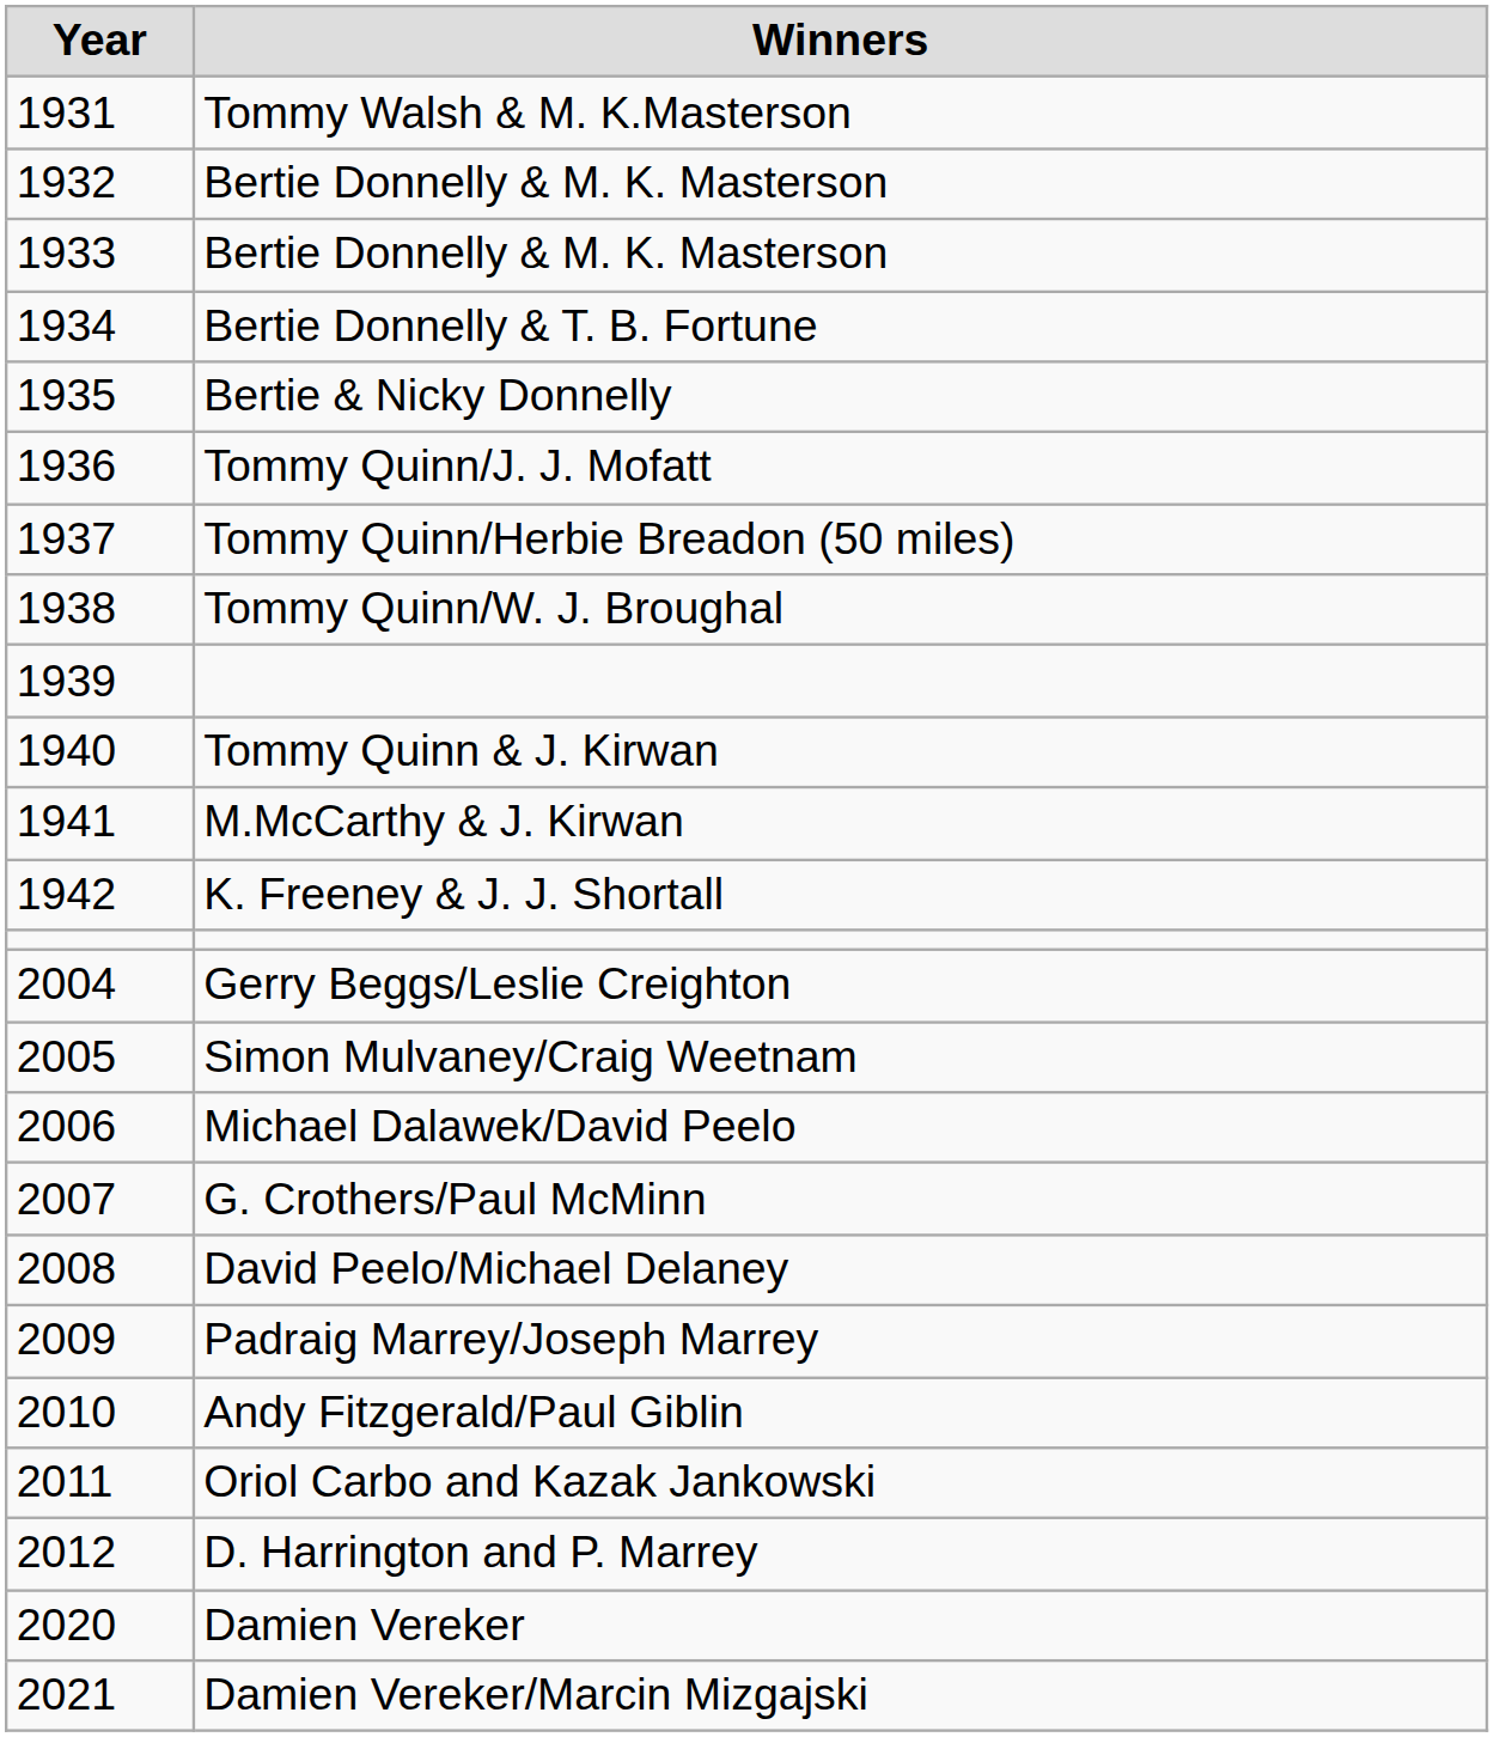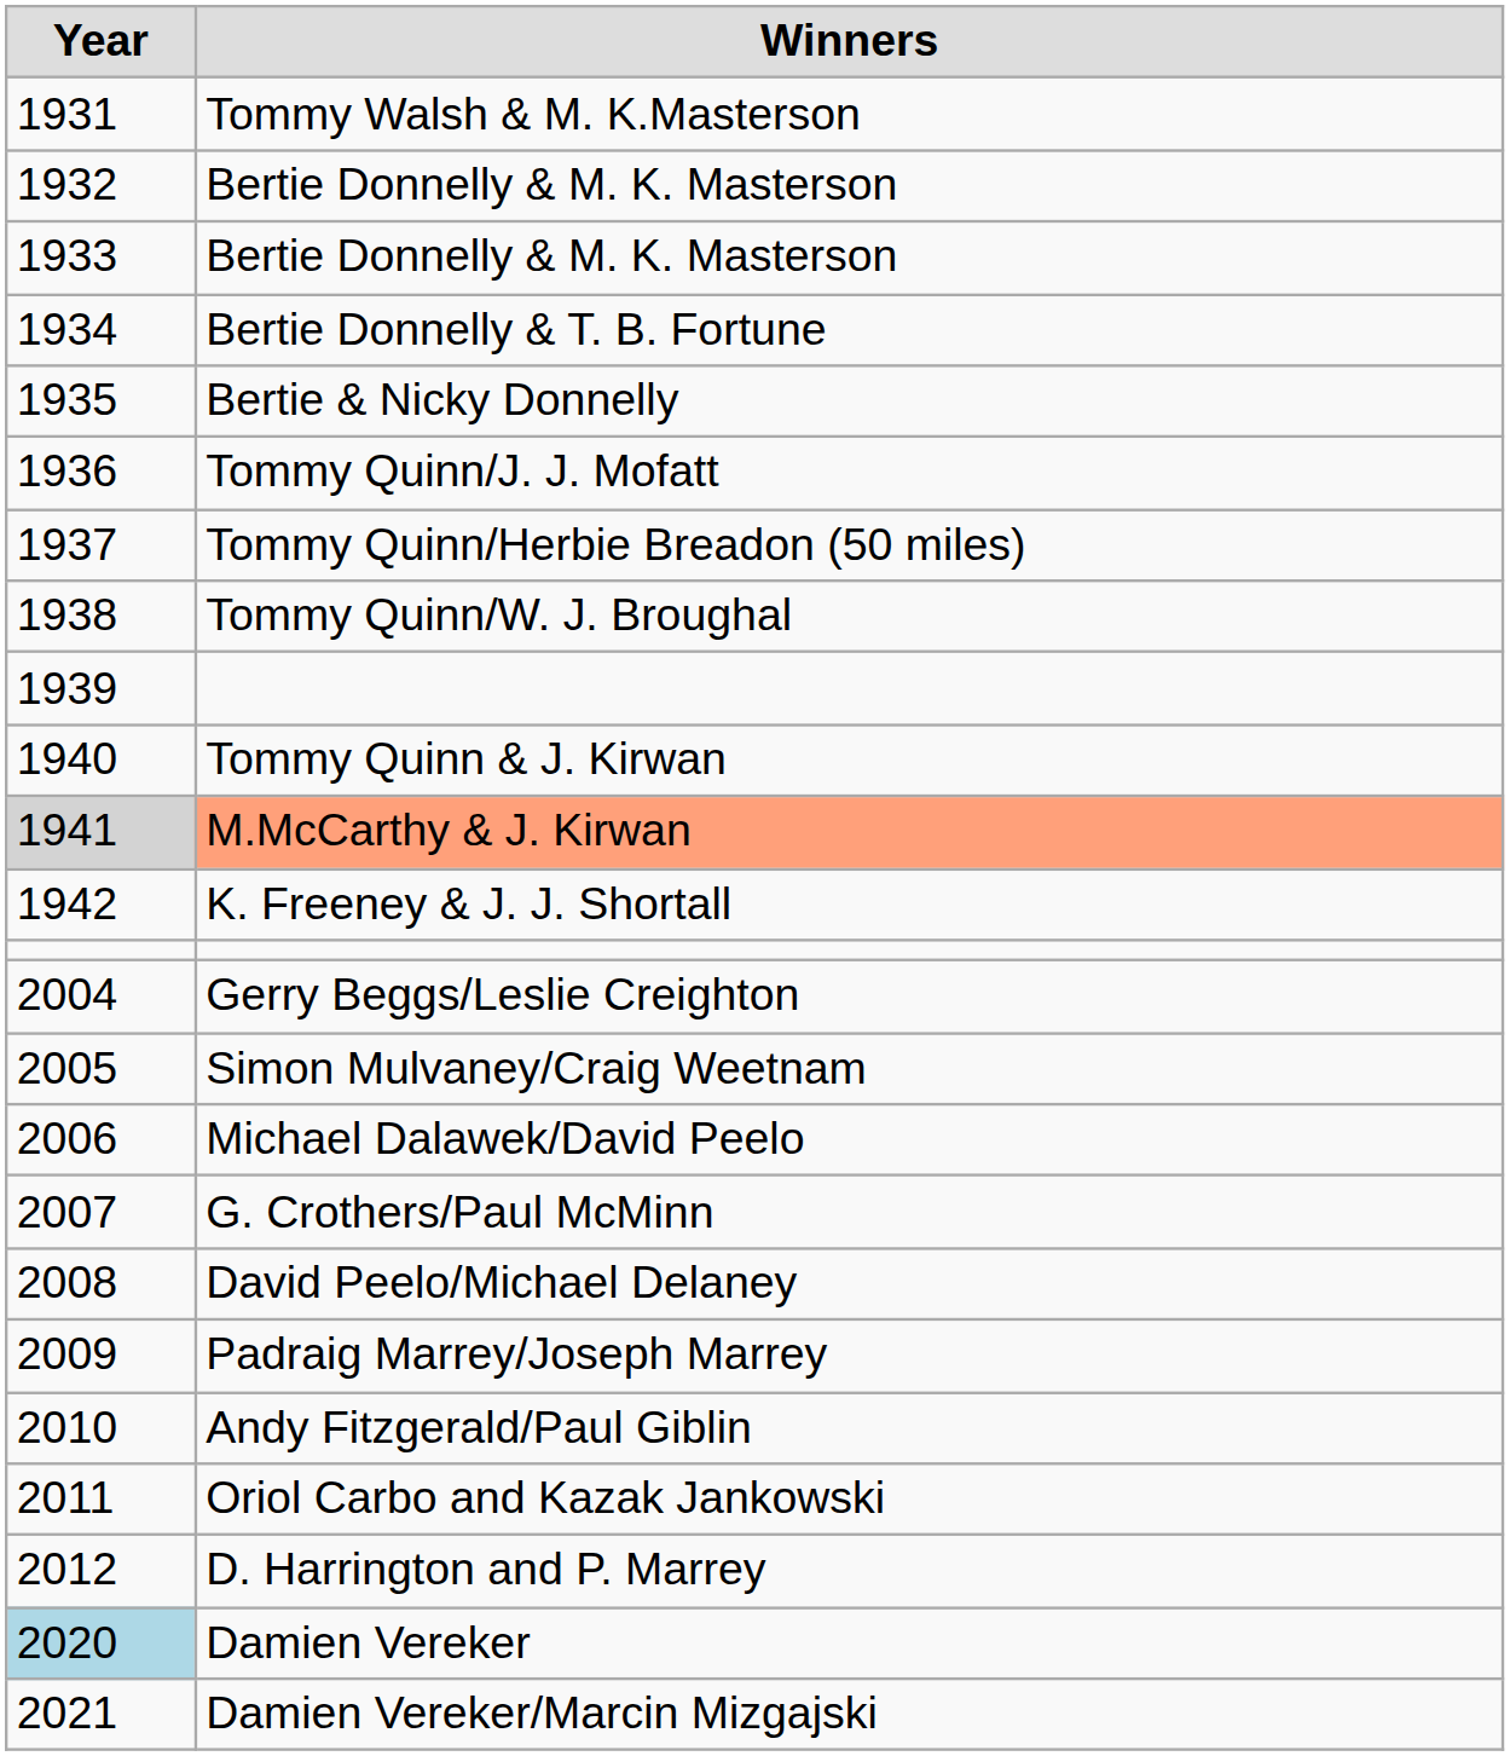 <table class="wikitable" style="width: 60%; text-align:left;">
 <tr>
 <td style="background:#DDDDDD; font-weight:bold; text-align:center;">Year</td>
 <td style="background:#DDDDDD; font-weight:bold; text-align:center;">Winners</td>
 </tr>
 <tr>
 <td>1931</td>
 <td>Tommy Walsh & M. K.Masterson</td>
 </tr>
 <tr>
 <td>1932</td>
 <td>Bertie Donnelly & M. K. Masterson</td>
 </tr>
 <tr>
 <td>1933</td>
 <td>Bertie Donnelly & M. K. Masterson</td>
 </tr>
 <tr>
 <td>1934</td>
 <td>Bertie Donnelly & T. B. Fortune</td>
 </tr>
 <tr>
 <td>1935</td>
 <td>Bertie & Nicky Donnelly</td>
 </tr>
 <tr>
 <td>1936</td>
 <td>Tommy Quinn/J. J. Mofatt</td>
 </tr>
 <tr>
 <td>1937</td>
 <td>Tommy Quinn/Herbie Breadon (50 miles)</td>
 </tr>
 <tr>
 <td>1938</td>
 <td>Tommy Quinn/W. J. Broughal</td>
 </tr>
 <tr>
 <td>1939</td>
 <td></td>
 </tr>
 <tr>
 <td>1940</td>
 <td>Tommy Quinn & J. Kirwan</td>
 </tr>
 <tr>
-<td>1941</td>
-<td>M.McCarthy & J. Kirwan</td>
+<td style="background: lightgrey;">1941</td>
+<td style="background: lightsalmon;">M.McCarthy & J. Kirwan</td>
 </tr>
 <tr>
 <td>1942</td>
 <td>K. Freeney & J. J. Shortall</td>
 </tr>
 <tr>
 <td></td>
 <td></td>
 </tr>
 <tr>
 <td>2004</td>
 <td>Gerry Beggs/Leslie Creighton</td>
 </tr>
 <tr>
 <td>2005</td>
 <td>Simon Mulvaney/Craig Weetnam</td>
 </tr>
 <tr>
 <td>2006</td>
 <td>Michael Dalawek/David Peelo</td>
 </tr>
 <tr>
 <td>2007</td>
 <td>G. Crothers/Paul McMinn</td>
 </tr>
 <tr>
 <td>2008</td>
 <td>David Peelo/Michael Delaney</td>
 </tr>
 <tr>
 <td>2009</td>
 <td>Padraig Marrey/Joseph Marrey</td>
 </tr>
 <tr>
 <td>2010</td>
 <td>Andy Fitzgerald/Paul Giblin</td>
 </tr>
 <tr>
 <td>2011</td>
 <td>Oriol Carbo and Kazak Jankowski</td>
 </tr>
 <tr>
 <td>2012</td>
 <td>D. Harrington and P. Marrey</td>
 </tr>
 <tr>
-<td>2020</td>
+<td style="background: lightblue;">2020</td>
 <td>Damien Vereker</td>
 </tr>
 <tr>
 <td>2021</td>
 <td>Damien Vereker/Marcin Mizgajski</td>
 </tr>
 </table>
